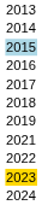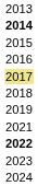 <table>
 <tr>
 <td>2013</td>
 <td></td>
 <td></td>
 <td></td>
 </tr>
 <tr>
-<td>2014</td>
+<td><strong>2014</strong></td>
 <td></td>
 <td></td>
 <td></td>
 </tr>
 <tr>
-<td style="background: lightblue;">2015</td>
+<td>2015</td>
 <td></td>
 <td></td>
 <td></td>
 </tr>
 <tr>
 <td>2016</td>
 <td></td>
 <td></td>
 <td></td>
 </tr>
 <tr>
-<td>2017</td>
+<td style="background: khaki;">2017</td>
 <td></td>
 <td></td>
 <td></td>
 </tr>
 <tr>
 <td>2018</td>
 <td></td>
 <td></td>
 <td></td>
 </tr>
 <tr>
 <td>2019</td>
 <td></td>
 <td></td>
 <td></td>
 </tr>
 <tr>
 <td>2021</td>
 <td></td>
 <td></td>
 <td></td>
 </tr>
 <tr>
-<td>2022</td>
+<td><strong>2022</strong></td>
 <td></td>
 <td></td>
 <td></td>
 </tr>
 <tr>
-<td style="background: gold;">2023</td>
+<td>2023</td>
 <td> </td>
 <td></td>
 <td></td>
 </tr>
 <tr>
 <td>2024</td>
 <td></td>
 <td></td>
 <td></td>
 </tr>
 <tr>
 </tr>
 </table>
